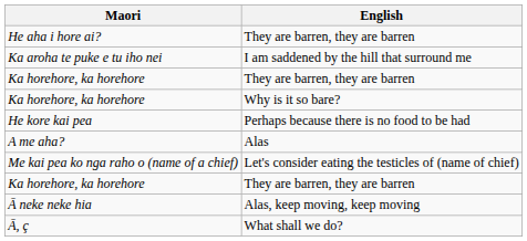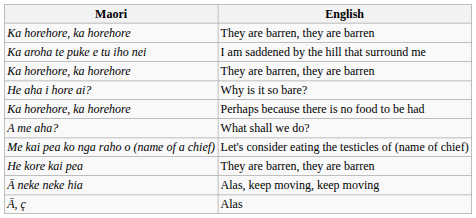 <table class="wikitable">
 <tr>
 <th>Maori</th>
 <th>English</th>
 </tr>
 <tr>
-<td><em>He aha i hore ai?</em></td>
+<td><em>Ka horehore, ka horehore</em></td>
 <td>They are barren, they are barren</td>
 </tr>
 <tr>
 <td><em>Ka aroha te puke e tu iho nei</em></td>
 <td>I am saddened by the hill that surround me</td>
 </tr>
 <tr>
 <td><em>Ka horehore, ka horehore</em></td>
 <td>They are barren, they are barren</td>
 </tr>
 <tr>
-<td><em>Ka horehore, ka horehore</em></td>
+<td><em>He aha i hore ai?</em></td>
 <td>Why is it so bare?</td>
 </tr>
 <tr>
-<td><em>He kore kai pea</em></td>
+<td><em>Ka horehore, ka horehore</em></td>
 <td>Perhaps because there is no food to be had</td>
 </tr>
 <tr>
 <td><em>A me aha?</em></td>
-<td>Alas</td>
+<td>What shall we do?</td>
 </tr>
 <tr>
 <td><em>Me kai pea ko nga raho o (name of a chief)</em></td>
 <td>Let's consider eating the testicles of (name of chief)</td>
 </tr>
 <tr>
-<td><em>Ka horehore, ka horehore</em></td>
+<td><em>He kore kai pea</em></td>
 <td>They are barren, they are barren</td>
 </tr>
 <tr>
 <td><em>Ā neke neke hia</em></td>
 <td>Alas, keep moving, keep moving</td>
 </tr>
 <tr>
 <td><em>Ā, ç</em></td>
-<td>What shall we do?</td>
+<td>Alas</td>
 </tr>
 </table>
